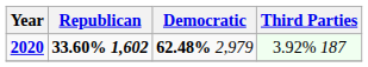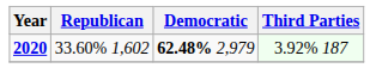 <table class="wikitable" style="float:right; font-size:95%;">
 <tr bgcolor=lightgrey>
 <th>Year</th>
 <th><a href='#'>Republican</a></th>
 <th><a href='#'>Democratic</a></th>
 <th><a href='#'>Third Parties</a></th>
 </tr>
 <tr>
 <td style="text-align:center; "><strong><a href='#'>2020</a></strong></td>
-<td style="text-align:center; "><strong>33.60% <em>1,602</em></strong></td>
+<td style="text-align:center; ">33.60% <em>1,602</em></td>
 <td style="text-align:center; "><strong>62.48%</strong> <em>2,979</em></td>
 <td style="text-align:center; background:honeyDew;">3.92% <em>187</em></td>
 </tr>
 <tr>
 </tr>
 </table>
